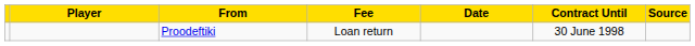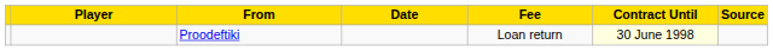 <table class="wikitable sortable">
 <tr>
 <th style="background:#FFDE00"></th>
 <th width=200 style="background:#FFDE00">Player</th>
 <th width=200 style="background:#FFDE00">From</th>
+<th width=150 style="background:#FFDE00">Date</th>
 <th width=150 style="background:#FFDE00">Fee</th>
-<th width=150 style="background:#FFDE00">Date</th>
 <th width=150 style="background:#FFDE00">Contract Until</th>
 <th style="background:#FFDE00">Source</th>
 </tr>
 <tr>
 <td align=center></td>
 <td></td>
 <td> <a href='#'>Proodeftiki</a></td>
+<td align=center></td>
 <td align=center>Loan return</td>
-<td align=center></td>
-<td align=center>30 June 1998</td>
+<td align=center style="background: lightyellow;">30 June 1998</td>
 <td align=center></td>
 </tr>
 </table>
